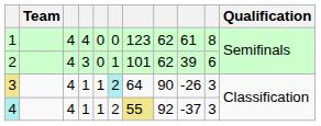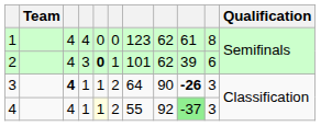 <table class="wikitable">
 <tr>
 <th></th>
 <th>Team</th>
 <th></th>
 <th></th>
 <th></th>
 <th></th>
 <th></th>
 <th></th>
 <th></th>
 <th></th>
 <th>Qualification</th>
 </tr>
 <tr bgcolor=ccffcc>
 <td>1</td>
 <td></td>
 <td>4</td>
 <td>4</td>
 <td>0</td>
 <td>0</td>
 <td>123</td>
 <td>62</td>
 <td>61</td>
 <td>8</td>
 <td rowspan=2>Semifinals</td>
 </tr>
 <tr bgcolor=ccffcc>
 <td>2</td>
 <td></td>
 <td>4</td>
 <td>3</td>
-<td>0</td>
+<td><strong>0</strong></td>
 <td>1</td>
 <td>101</td>
 <td>62</td>
 <td>39</td>
 <td>6</td>
 </tr>
 <tr>
-<td style="background: khaki;">3</td>
+<td>3</td>
 <td></td>
-<td>4</td>
+<td><strong>4</strong></td>
 <td>1</td>
 <td>1</td>
-<td style="background: paleturquoise;">2</td>
+<td>2</td>
 <td>64</td>
 <td>90</td>
-<td>-26</td>
+<td><strong>-26</strong></td>
 <td>3</td>
 <td rowspan=2>Classification</td>
 </tr>
 <tr>
-<td style="background: paleturquoise;">4</td>
+<td>4</td>
 <td></td>
 <td>4</td>
 <td>1</td>
-<td>1</td>
+<td style="background: lightyellow;">1</td>
 <td>2</td>
-<td style="background: khaki;">55</td>
+<td>55</td>
 <td>92</td>
-<td>-37</td>
+<td style="background: lightgreen;">-37</td>
 <td>3</td>
 </tr>
 </table>
